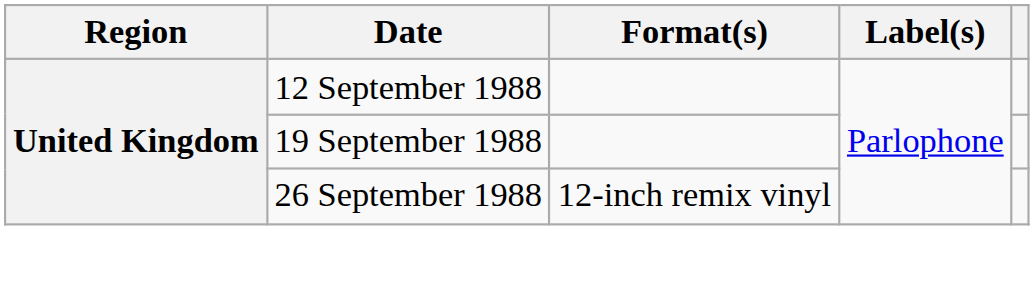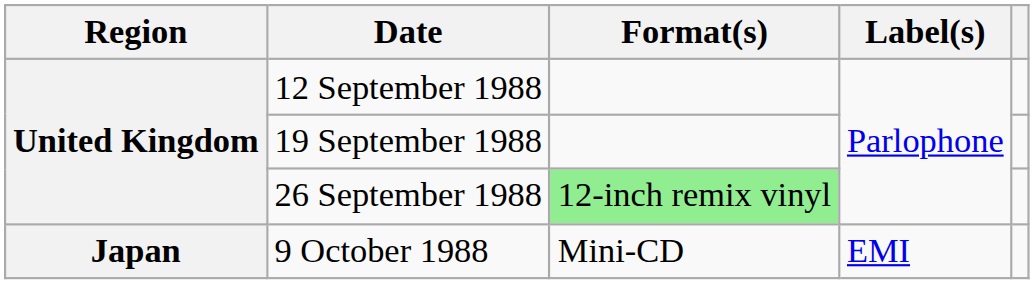 <table class="wikitable plainrowheaders">
 <tr>
 <th scope="col">Region</th>
 <th scope="col">Date</th>
 <th scope="col">Format(s)</th>
 <th scope="col">Label(s)</th>
 <th scope="col"></th>
 </tr>
 <tr>
 <th scope="row" rowspan="3">United Kingdom</th>
 <td>12 September 1988</td>
 <td></td>
 <td rowspan="3"><a href='#'>Parlophone</a></td>
 <td align="center"></td>
 </tr>
 <tr>
 <td>19 September 1988</td>
 <td></td>
 <td align="center"></td>
 </tr>
 <tr>
 <td>26 September 1988</td>
-<td>12-inch remix vinyl</td>
+<td style="background: lightgreen;">12-inch remix vinyl</td>
+<td align="center"></td>
+</tr>
+<tr>
+<th scope="row">Japan</th>
+<td>9 October 1988</td>
+<td>Mini-CD</td>
+<td><a href='#'>EMI</a></td>
 <td align="center"></td>
 </tr>
 </table>
